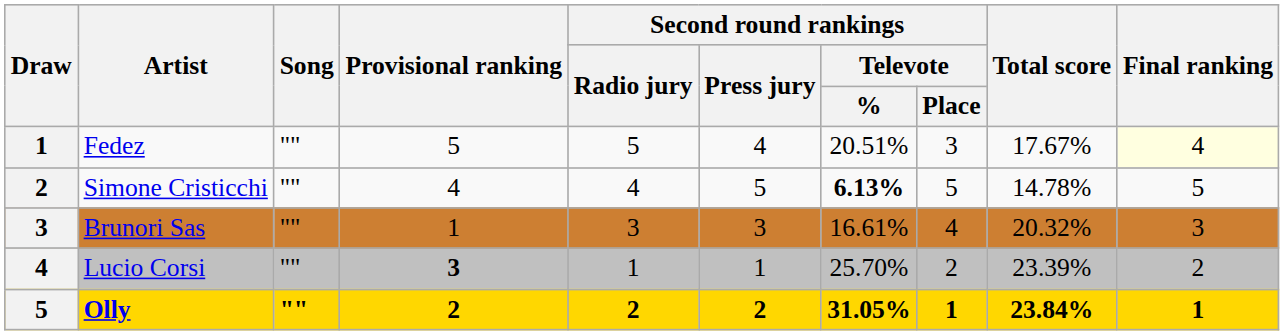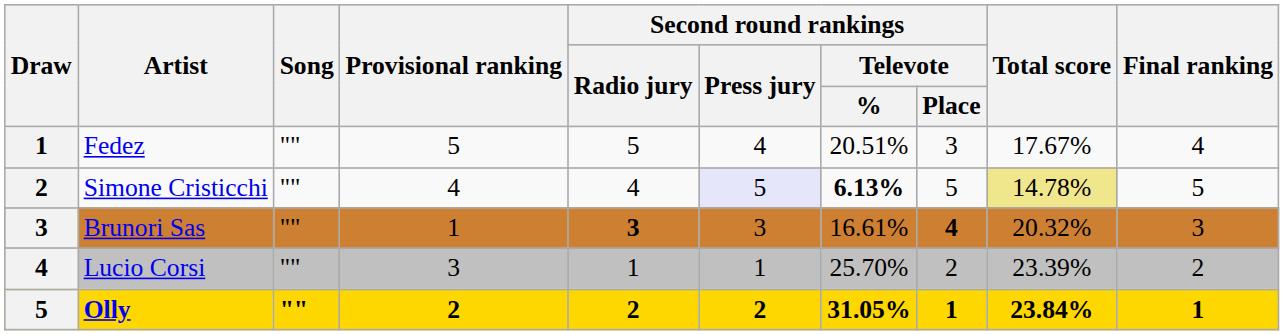 <table class="wikitable sortable plainrowheaders" style="text-align:center">
 <tr>
 <th rowspan="3">Draw</th>
 <th rowspan="3">Artist</th>
 <th rowspan="3">Song</th>
 <th rowspan="3">Provisional ranking</th>
 <th colspan="4" class="unsortable">Second round rankings</th>
 <th rowspan="3">Total score</th>
 <th rowspan="3">Final ranking</th>
 </tr>
 <tr>
 <th rowspan="2">Radio jury</th>
 <th rowspan="2">Press jury</th>
 <th colspan="2">Televote</th>
 </tr>
 <tr>
 <th>%</th>
 <th>Place</th>
 </tr>
 <tr>
 <th scope="row" style="text-align:center">1</th>
 <td align="left"><a href='#'>Fedez</a></td>
 <td align="left">""</td>
 <td>5</td>
 <td>5</td>
 <td>4</td>
 <td>20.51%</td>
 <td>3</td>
 <td>17.67%</td>
-<td style="background: lightyellow;">4</td>
+<td>4</td>
 </tr>
 <tr>
 <th scope="row" style="text-align:center">2</th>
 <td align="left"><a href='#'>Simone Cristicchi</a></td>
 <td align="left">""</td>
 <td>4</td>
 <td>4</td>
-<td>5</td>
+<td style="background: lavender;">5</td>
 <td><strong>6.13%</strong></td>
 <td>5</td>
-<td>14.78%</td>
+<td style="background: khaki;">14.78%</td>
 <td>5</td>
 </tr>
 <tr bgcolor="#Cd7f32">
 <th scope="row" style="text-align:center">3</th>
 <td align="left"><a href='#'>Brunori Sas</a></td>
 <td align="left">""</td>
 <td>1</td>
-<td>3</td>
+<td><strong>3</strong></td>
 <td>3</td>
 <td>16.61%</td>
-<td>4</td>
+<td><strong>4</strong></td>
 <td>20.32%</td>
 <td>3</td>
 </tr>
 <tr bgcolor="silver">
 <th scope="row" style="text-align:center">4</th>
 <td align="left"><a href='#'>Lucio Corsi</a></td>
 <td align="left">""</td>
-<td><strong>3</strong></td>
+<td>3</td>
 <td>1</td>
 <td>1</td>
 <td>25.70%</td>
 <td>2</td>
 <td>23.39%</td>
 <td>2</td>
 </tr>
 <tr style="font-weight:bold; background:gold">
 <th scope="row" style="text-align:center">5</th>
 <td align="left"><a href='#'>Olly</a></td>
 <td align="left">""</td>
 <td>2</td>
 <td>2</td>
 <td>2</td>
 <td>31.05%</td>
 <td>1</td>
 <td>23.84%</td>
 <td>1</td>
 </tr>
 </table>
